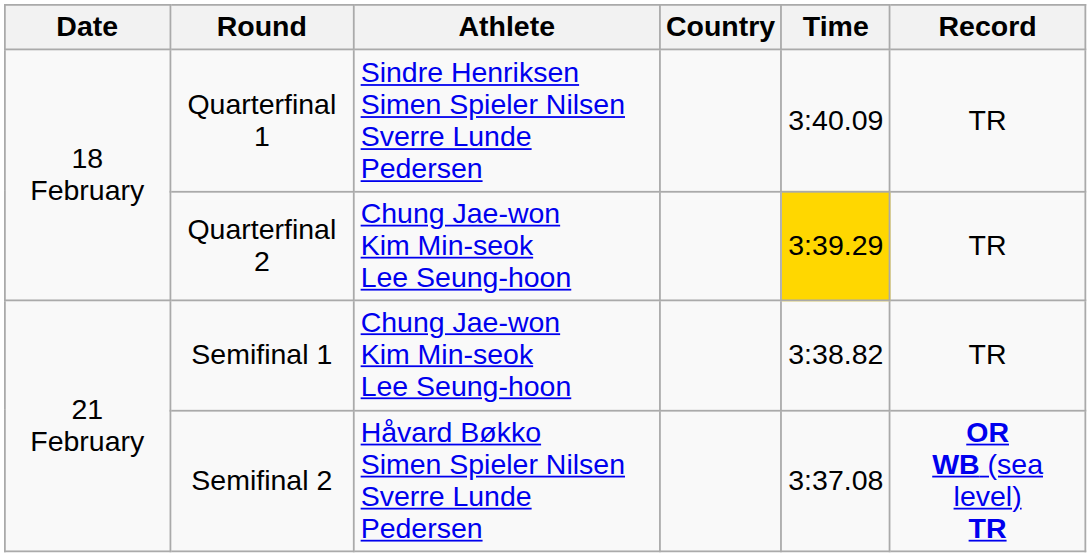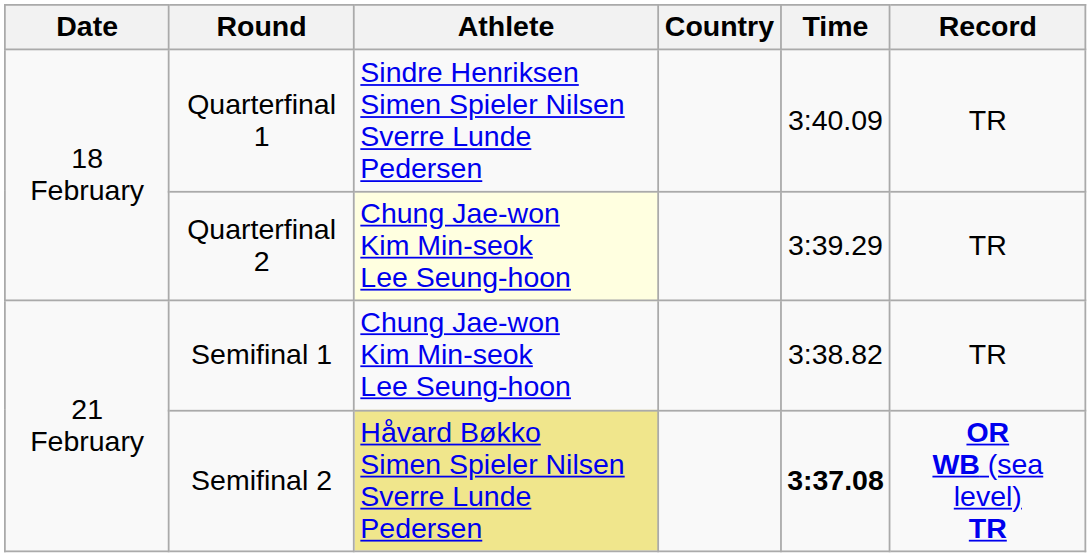 <table class="wikitable" style="text-align:center">
 <tr>
 <th>Date</th>
 <th>Round</th>
 <th>Athlete</th>
 <th>Country</th>
 <th>Time</th>
 <th>Record</th>
 </tr>
 <tr>
 <td rowspan=2>18 February</td>
 <td>Quarterfinal 1</td>
 <td align="left"><a href='#'>Sindre Henriksen</a><br><a href='#'>Simen Spieler Nilsen</a><br><a href='#'>Sverre Lunde Pedersen</a></td>
 <td align="left"></td>
 <td>3:40.09</td>
 <td>TR</td>
 </tr>
 <tr>
 <td>Quarterfinal 2</td>
-<td align="left"><a href='#'>Chung Jae-won</a><br><a href='#'>Kim Min-seok</a><br><a href='#'>Lee Seung-hoon</a></td>
+<td align="left" style="background: lightyellow;"><a href='#'>Chung Jae-won</a><br><a href='#'>Kim Min-seok</a><br><a href='#'>Lee Seung-hoon</a></td>
 <td align="left"></td>
-<td style="background: gold;">3:39.29</td>
+<td>3:39.29</td>
 <td>TR</td>
 </tr>
 <tr>
 <td rowspan=2>21 February</td>
 <td>Semifinal 1</td>
 <td align="left"><a href='#'>Chung Jae-won</a><br><a href='#'>Kim Min-seok</a><br><a href='#'>Lee Seung-hoon</a></td>
 <td align="left"></td>
 <td>3:38.82</td>
 <td>TR</td>
 </tr>
 <tr>
 <td>Semifinal 2</td>
-<td align="left"><a href='#'>Håvard Bøkko</a><br><a href='#'>Simen Spieler Nilsen</a><br><a href='#'>Sverre Lunde Pedersen</a></td>
+<td align="left" style="background: khaki;"><a href='#'>Håvard Bøkko</a><br><a href='#'>Simen Spieler Nilsen</a><br><a href='#'>Sverre Lunde Pedersen</a></td>
 <td align="left"></td>
-<td>3:37.08</td>
+<td><strong>3:37.08</strong></td>
 <td><strong><a href='#'>OR</a></strong><br><a href='#'><strong>WB</strong> (sea level)</a><br><strong><a href='#'>TR</a></strong></td>
 </tr>
 </table>
